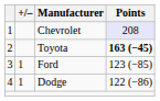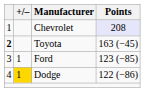 <table class="wikitable">
 <tr>
 <th scope="col"></th>
 <th scope="col">+/–</th>
 <th scope="col">Manufacturer</th>
 <th scope="col">Points</th>
 </tr>
 <tr>
 <td>1</td>
 <td align="left"></td>
 <td>Chevrolet</td>
 <td style="background: lavender; text-align:center;">208</td>
 </tr>
 <tr>
-<td>2</td>
+<td><strong>2</strong></td>
 <td align="left"></td>
 <td>Toyota</td>
-<td style="text-align:center;"><strong>163 (−45)</strong></td>
+<td style="text-align:center;">163 (−45)</td>
 </tr>
 <tr>
 <td>3</td>
 <td align="left"> 1</td>
 <td>Ford</td>
 <td style="text-align:center;">123 (−85)</td>
 </tr>
 <tr>
 <td>4</td>
-<td align="left"> 1</td>
+<td align="left" style="background: gold;"> 1</td>
 <td>Dodge</td>
 <td style="text-align:center;">122 (−86)</td>
 </tr>
 <tr class="sortbottom">
 <td colspan="9"></td>
 </tr>
 </table>
